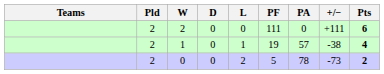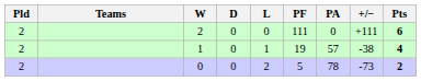 <table class="wikitable" style="text-align: center;">
 <tr>
+<th width="40">Pld</th>
 <th width="200">Teams</th>
-<th width="40">Pld</th>
 <th width="40">W</th>
 <th width="40">D</th>
 <th width="40">L</th>
 <th width="40">PF</th>
 <th width="40">PA</th>
 <th width="40">+/−</th>
 <th width="40">Pts</th>
 </tr>
 <tr style="background:#ccffcc">
+<td>2</td>
 <td align=left></td>
-<td>2</td>
 <td>2</td>
 <td>0</td>
 <td>0</td>
 <td>111</td>
 <td>0</td>
 <td>+111</td>
 <td><strong>6</strong></td>
 </tr>
 <tr style="background:#ccffcc">
+<td>2</td>
 <td align=left></td>
-<td>2</td>
 <td>1</td>
 <td>0</td>
 <td>1</td>
 <td>19</td>
 <td>57</td>
 <td>-38</td>
 <td><strong>4</strong></td>
 </tr>
 <tr style="background:#ccccff">
+<td>2</td>
 <td align=left></td>
-<td>2</td>
 <td>0</td>
 <td>0</td>
 <td>2</td>
 <td>5</td>
 <td>78</td>
 <td>-73</td>
 <td><strong>2</strong></td>
 </tr>
 </table>
